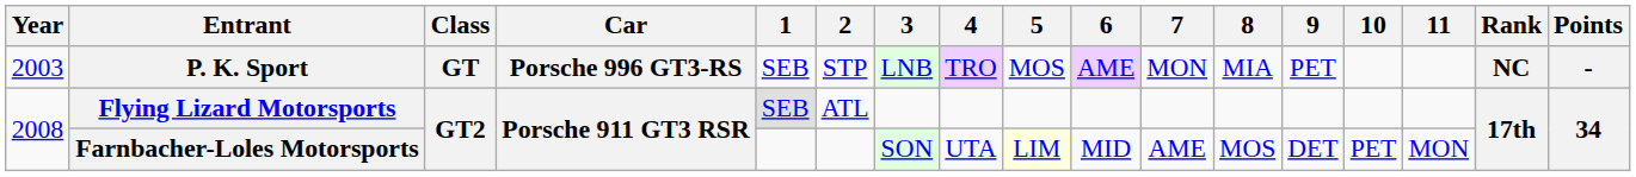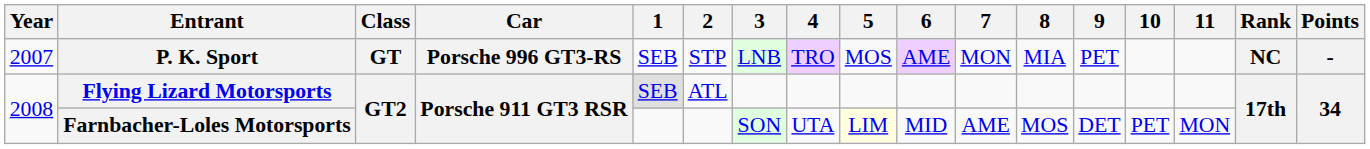 <table class="wikitable" style="text-align:center;">
 <tr>
 <th>Year</th>
 <th>Entrant</th>
 <th>Class</th>
 <th>Car</th>
 <th>1</th>
 <th>2</th>
 <th>3</th>
 <th>4</th>
 <th>5</th>
 <th>6</th>
 <th>7</th>
 <th>8</th>
 <th>9</th>
 <th>10</th>
 <th>11</th>
 <th>Rank</th>
 <th>Points</th>
 </tr>
 <tr>
-<td><a href='#'>2003</a></td>
+<td><a href='#'>2007</a></td>
 <th>P. K. Sport</th>
 <th>GT</th>
 <th>Porsche 996 GT3-RS</th>
 <td><a href='#'>SEB</a></td>
 <td><a href='#'>STP</a></td>
 <td style="background:#DFFFDF;"><a href='#'>LNB</a><br></td>
 <td style="background:#EFCFFF;"><a href='#'>TRO</a><br></td>
 <td><a href='#'>MOS</a></td>
 <td style="background:#EFCFFF;"><a href='#'>AME</a><br></td>
 <td><a href='#'>MON</a></td>
 <td><a href='#'>MIA</a></td>
 <td><a href='#'>PET</a></td>
 <td></td>
 <td></td>
 <th>NC</th>
 <th>-</th>
 </tr>
 <tr>
 <td rowspan=2><a href='#'>2008</a></td>
 <th><a href='#'>Flying Lizard Motorsports</a></th>
 <th rowspan=2>GT2</th>
 <th rowspan=2>Porsche 911 GT3 RSR</th>
 <td style="background:#DFDFDF;"><a href='#'>SEB</a><br></td>
 <td><a href='#'>ATL</a></td>
 <td></td>
 <td></td>
 <td></td>
 <td></td>
 <td></td>
 <td></td>
 <td></td>
 <td></td>
 <td></td>
 <th rowspan=2>17th</th>
 <th rowspan=2>34</th>
 </tr>
 <tr>
 <th>Farnbacher-Loles Motorsports</th>
 <td></td>
 <td></td>
 <td style="background:#DFFFDF;"><a href='#'>SON</a><br></td>
 <td><a href='#'>UTA</a></td>
 <td style="background: lightyellow;"><a href='#'>LIM</a></td>
 <td><a href='#'>MID</a></td>
 <td><a href='#'>AME</a></td>
 <td><a href='#'>MOS</a></td>
 <td><a href='#'>DET</a></td>
 <td><a href='#'>PET</a></td>
 <td><a href='#'>MON</a></td>
 </tr>
 </table>
